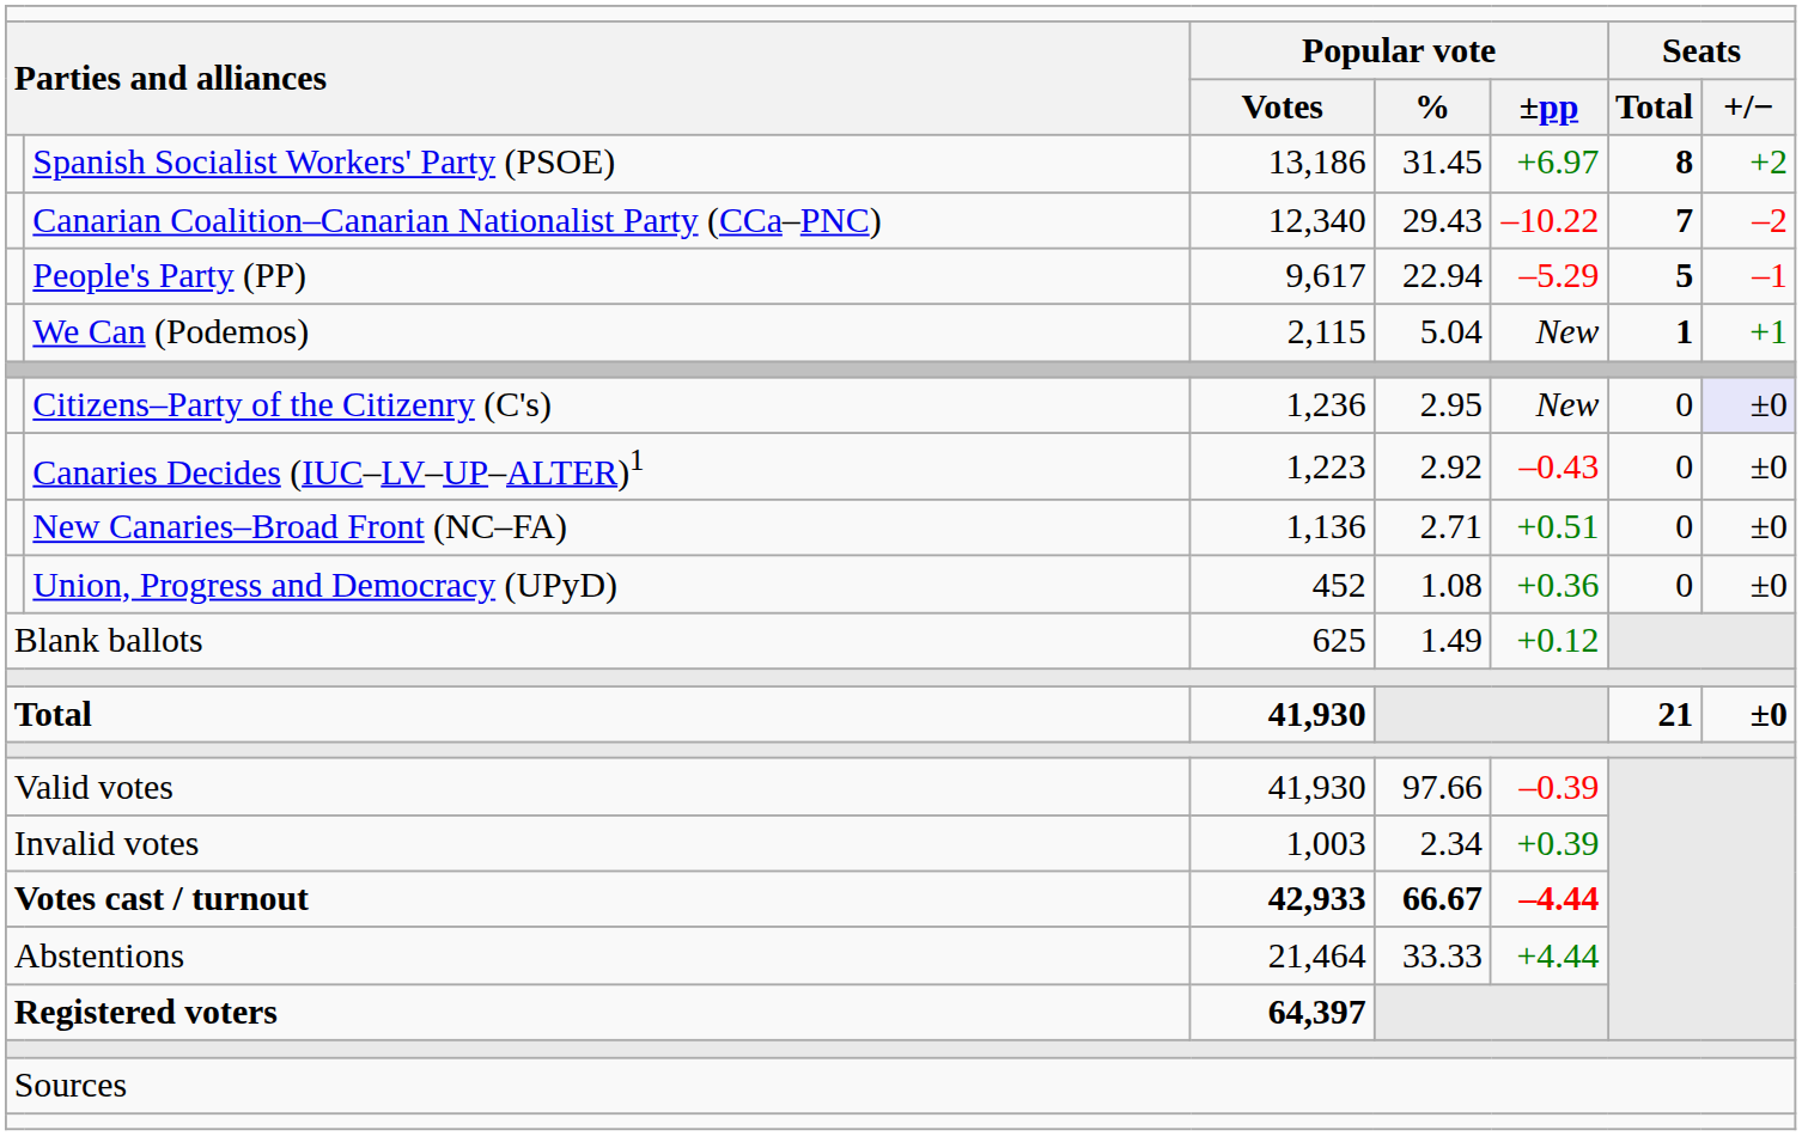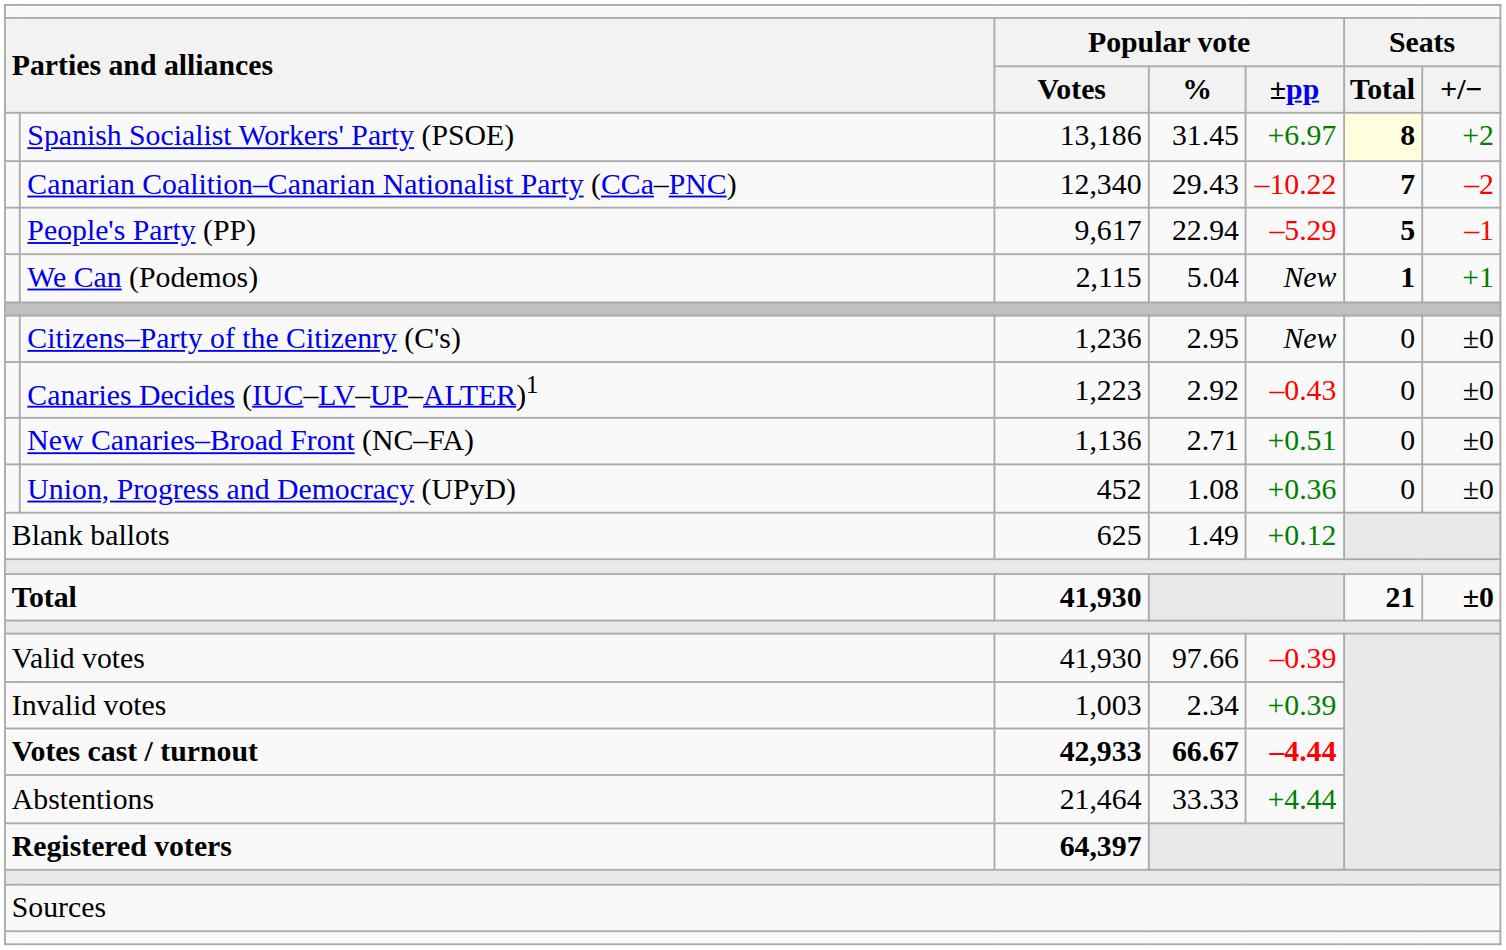 <table class="wikitable" style="text-align:right;">
 <tr>
 <td colspan="7"></td>
 </tr>
 <tr>
 <th style="text-align:left;" rowspan="2" colspan="2" width="525">Parties and alliances</th>
 <th colspan="3">Popular vote</th>
 <th colspan="2">Seats</th>
 </tr>
 <tr>
 <th width="75">Votes</th>
 <th width="45">%</th>
 <th width="45">±<a href='#'>pp</a></th>
 <th width="35">Total</th>
 <th width="35">+/−</th>
 </tr>
 <tr>
 <td width="1" style="color:inherit;background:"></td>
 <td align="left"><a href='#'>Spanish Socialist Workers' Party</a> (PSOE)</td>
 <td>13,186</td>
 <td>31.45</td>
 <td style="color:green;">+6.97</td>
-<td><strong>8</strong></td>
+<td style="background: lightyellow;"><strong>8</strong></td>
 <td style="color:green;">+2</td>
 </tr>
 <tr>
 <td style="color:inherit;background:"></td>
 <td align="left"><a href='#'>Canarian Coalition–Canarian Nationalist Party</a> (<a href='#'>CCa</a>–<a href='#'>PNC</a>)</td>
 <td>12,340</td>
 <td>29.43</td>
 <td style="color:red;">–10.22</td>
 <td><strong>7</strong></td>
 <td style="color:red;">–2</td>
 </tr>
 <tr>
 <td style="color:inherit;background:"></td>
 <td align="left"><a href='#'>People's Party</a> (PP)</td>
 <td>9,617</td>
 <td>22.94</td>
 <td style="color:red;">–5.29</td>
 <td><strong>5</strong></td>
 <td style="color:red;">–1</td>
 </tr>
 <tr>
 <td style="color:inherit;background:"></td>
 <td align="left"><a href='#'>We Can</a> (Podemos)</td>
 <td>2,115</td>
 <td>5.04</td>
 <td><em>New</em></td>
 <td><strong>1</strong></td>
 <td style="color:green;">+1</td>
 </tr>
 <tr>
 <td colspan="7" bgcolor="#C0C0C0"></td>
 </tr>
 <tr>
 <td style="color:inherit;background:"></td>
 <td align="left"><a href='#'>Citizens–Party of the Citizenry</a> (C's)</td>
 <td>1,236</td>
 <td>2.95</td>
 <td><em>New</em></td>
 <td>0</td>
-<td style="background: lavender;">±0</td>
+<td>±0</td>
 </tr>
 <tr>
 <td style="color:inherit;background:"></td>
 <td align="left"><a href='#'>Canaries Decides</a> (<a href='#'>IUC</a>–<a href='#'>LV</a>–<a href='#'>UP</a>–<a href='#'>ALTER</a>)<sup>1</sup></td>
 <td>1,223</td>
 <td>2.92</td>
 <td style="color:red;">–0.43</td>
 <td>0</td>
 <td>±0</td>
 </tr>
 <tr>
 <td style="color:inherit;background:"></td>
 <td align="left"><a href='#'>New Canaries–Broad Front</a> (NC–FA)</td>
 <td>1,136</td>
 <td>2.71</td>
 <td style="color:green;">+0.51</td>
 <td>0</td>
 <td>±0</td>
 </tr>
 <tr>
 <td style="color:inherit;background:"></td>
 <td align="left"><a href='#'>Union, Progress and Democracy</a> (UPyD)</td>
 <td>452</td>
 <td>1.08</td>
 <td style="color:green;">+0.36</td>
 <td>0</td>
 <td>±0</td>
 </tr>
 <tr>
 <td align="left" colspan="2">Blank ballots</td>
 <td>625</td>
 <td>1.49</td>
 <td style="color:green;">+0.12</td>
 <td bgcolor="#E9E9E9" colspan="2"></td>
 </tr>
 <tr>
 <td colspan="7" bgcolor="#E9E9E9"></td>
 </tr>
 <tr style="font-weight:bold;">
 <td align="left" colspan="2">Total</td>
 <td>41,930</td>
 <td bgcolor="#E9E9E9" colspan="2"></td>
 <td>21</td>
 <td>±0</td>
 </tr>
 <tr>
 <td colspan="7" bgcolor="#E9E9E9"></td>
 </tr>
 <tr>
 <td align="left" colspan="2">Valid votes</td>
 <td>41,930</td>
 <td>97.66</td>
 <td style="color:red;">–0.39</td>
 <td bgcolor="#E9E9E9" colspan="2" rowspan="5"></td>
 </tr>
 <tr>
 <td align="left" colspan="2">Invalid votes</td>
 <td>1,003</td>
 <td>2.34</td>
 <td style="color:green;">+0.39</td>
 </tr>
 <tr style="font-weight:bold;">
 <td align="left" colspan="2">Votes cast / turnout</td>
 <td>42,933</td>
 <td>66.67</td>
 <td style="color:red;">–4.44</td>
 </tr>
 <tr>
 <td align="left" colspan="2">Abstentions</td>
 <td>21,464</td>
 <td>33.33</td>
 <td style="color:green;">+4.44</td>
 </tr>
 <tr style="font-weight:bold;">
 <td align="left" colspan="2">Registered voters</td>
 <td>64,397</td>
 <td bgcolor="#E9E9E9" colspan="2"></td>
 </tr>
 <tr>
 <td colspan="7" bgcolor="#E9E9E9"></td>
 </tr>
 <tr>
 <td align="left" colspan="7">Sources</td>
 </tr>
 <tr>
 <td colspan="7" style="text-align:left; max-width:790px;"></td>
 </tr>
 </table>
